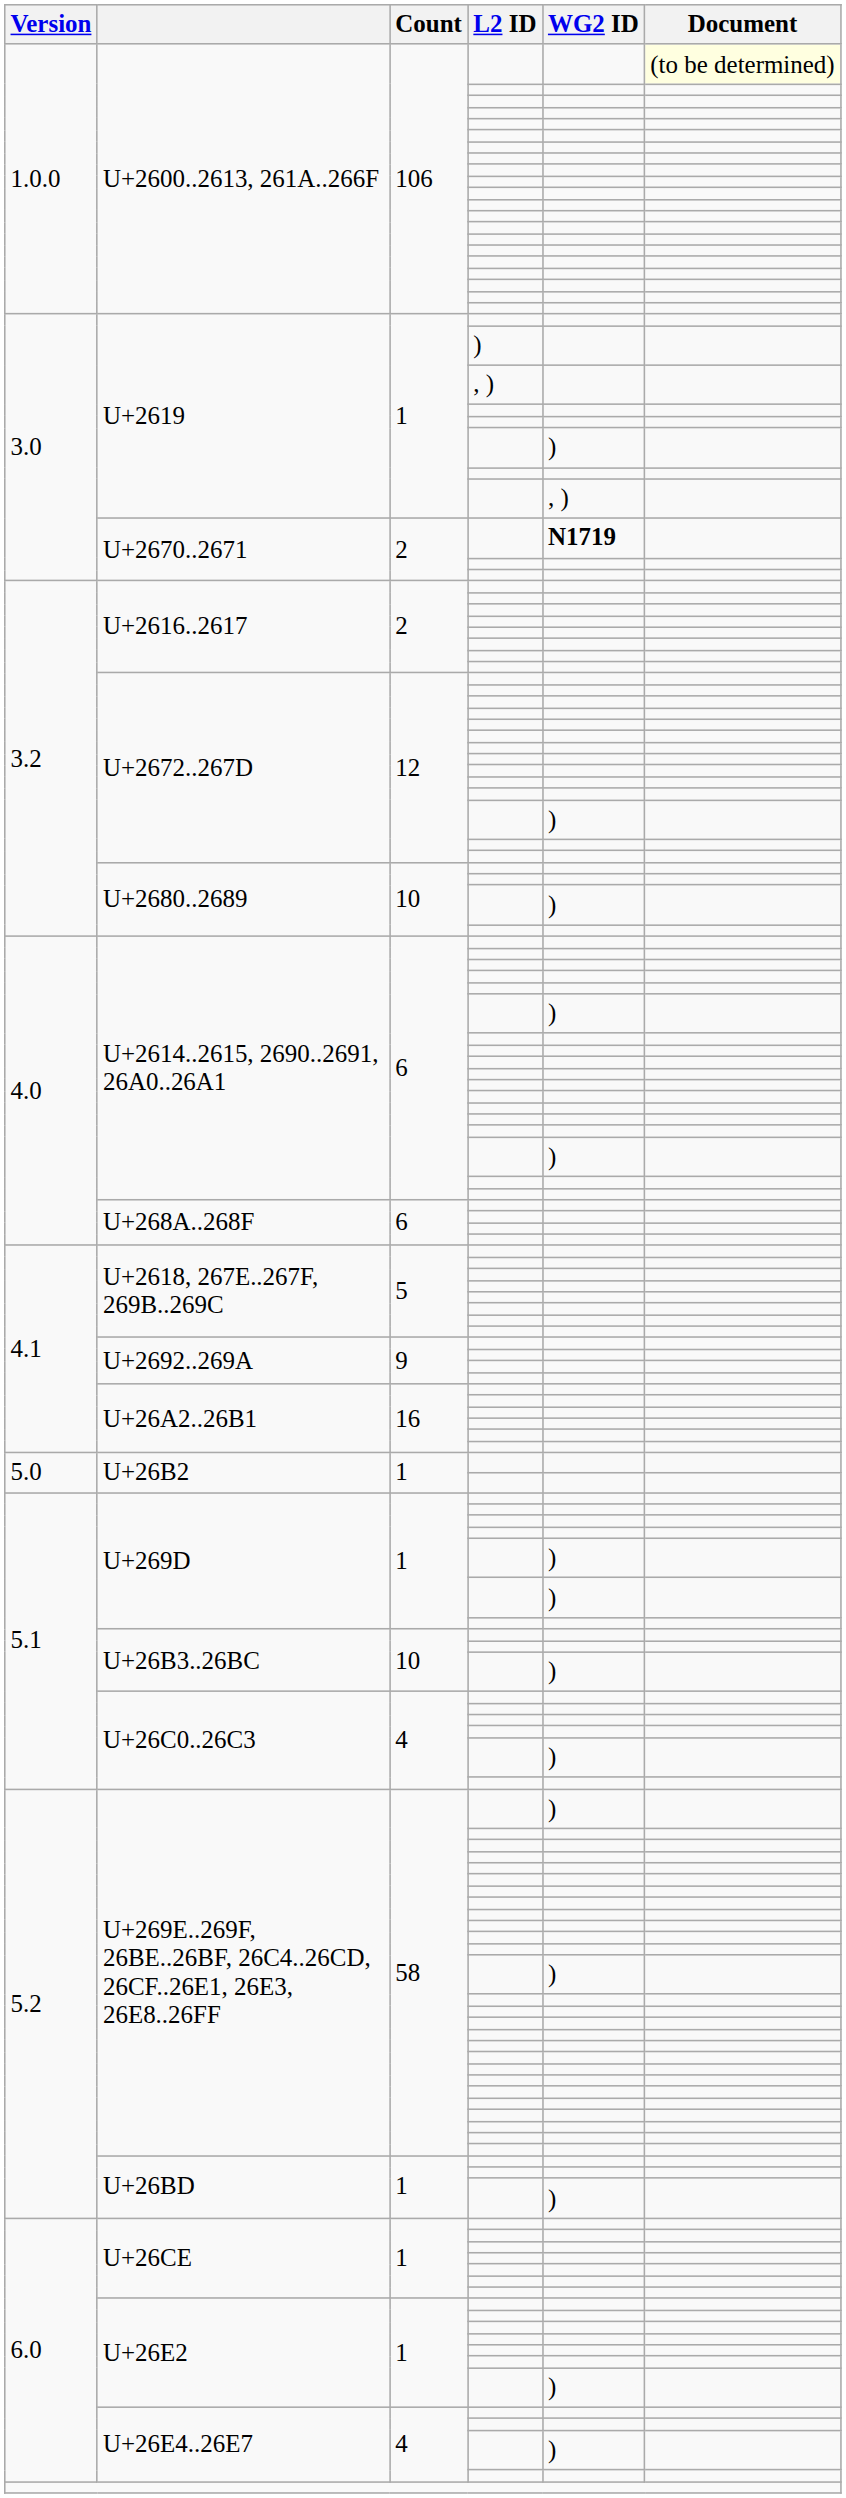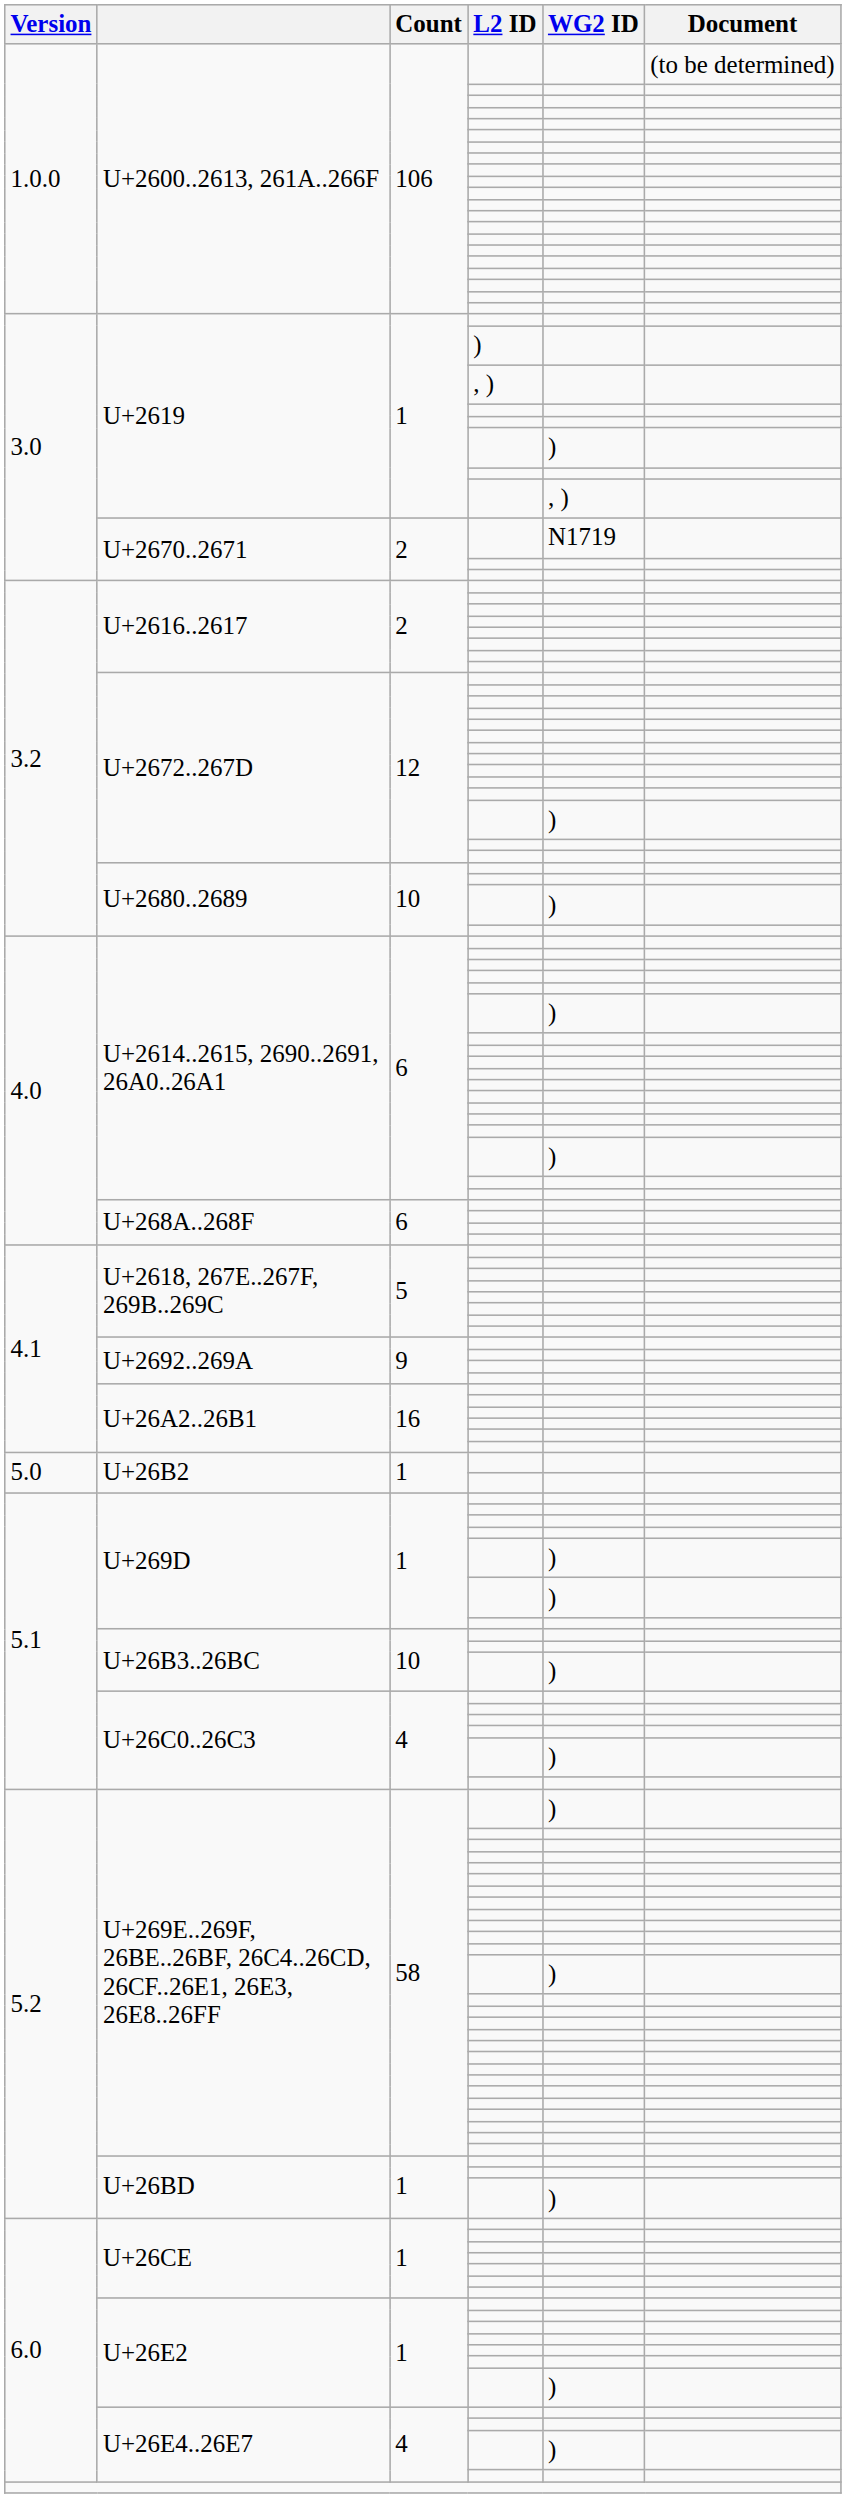 <table class="wikitable collapsible collapsed sticky-header">
 <tr>
 <th><a href='#'>Version</a></th>
 <th></th>
 <th>Count</th>
 <th><a href='#'>L2</a> ID</th>
 <th><a href='#'>WG2</a> ID</th>
 <th>Document</th>
 </tr>
 <tr>
 <td rowspan="21">1.0.0</td>
 <td rowspan="21" width="180">U+2600..2613, 261A..266F</td>
 <td rowspan="21">106</td>
 <td></td>
 <td></td>
-<td style="background: lightyellow;">(to be determined)</td>
+<td>(to be determined)</td>
 </tr>
 <tr>
 <td></td>
 <td></td>
 <td></td>
 </tr>
 <tr>
 <td></td>
 <td></td>
 <td></td>
 </tr>
 <tr>
 <td></td>
 <td></td>
 <td></td>
 </tr>
 <tr>
 <td></td>
 <td></td>
 <td></td>
 </tr>
 <tr>
 <td></td>
 <td></td>
 <td></td>
 </tr>
 <tr>
 <td></td>
 <td></td>
 <td></td>
 </tr>
 <tr>
 <td></td>
 <td></td>
 <td></td>
 </tr>
 <tr>
 <td></td>
 <td></td>
 <td></td>
 </tr>
 <tr>
 <td></td>
 <td></td>
 <td></td>
 </tr>
 <tr>
 <td></td>
 <td></td>
 <td></td>
 </tr>
 <tr>
 <td></td>
 <td></td>
 <td></td>
 </tr>
 <tr>
 <td></td>
 <td></td>
 <td></td>
 </tr>
 <tr>
 <td></td>
 <td></td>
 <td></td>
 </tr>
 <tr>
 <td></td>
 <td></td>
 <td></td>
 </tr>
 <tr>
 <td></td>
 <td></td>
 <td></td>
 </tr>
 <tr>
 <td></td>
 <td></td>
 <td></td>
 </tr>
 <tr>
 <td></td>
 <td></td>
 <td></td>
 </tr>
 <tr>
 <td></td>
 <td></td>
 <td></td>
 </tr>
 <tr>
 <td></td>
 <td></td>
 <td></td>
 </tr>
 <tr>
 <td></td>
 <td></td>
 <td></td>
 </tr>
 <tr>
 <td rowspan="11">3.0</td>
 <td rowspan="8">U+2619</td>
 <td rowspan="8">1</td>
 <td></td>
 <td></td>
 <td></td>
 </tr>
 <tr>
 <td> )</td>
 <td></td>
 <td></td>
 </tr>
 <tr>
 <td> , )</td>
 <td></td>
 <td></td>
 </tr>
 <tr>
 <td></td>
 <td></td>
 <td></td>
 </tr>
 <tr>
 <td></td>
 <td></td>
 <td></td>
 </tr>
 <tr>
 <td></td>
 <td> )</td>
 <td></td>
 </tr>
 <tr>
 <td></td>
 <td></td>
 <td></td>
 </tr>
 <tr>
 <td></td>
 <td> , )</td>
 <td></td>
 </tr>
 <tr>
 <td rowspan="3">U+2670..2671</td>
 <td rowspan="3">2</td>
 <td></td>
-<td><strong>N1719</strong></td>
+<td>N1719</td>
 <td></td>
 </tr>
 <tr>
 <td></td>
 <td></td>
 <td></td>
 </tr>
 <tr>
 <td></td>
 <td></td>
 <td></td>
 </tr>
 <tr>
 <td rowspan="26">3.2</td>
 <td rowspan="8">U+2616..2617</td>
 <td rowspan="8">2</td>
 <td></td>
 <td></td>
 <td></td>
 </tr>
 <tr>
 <td></td>
 <td></td>
 <td></td>
 </tr>
 <tr>
 <td></td>
 <td></td>
 <td></td>
 </tr>
 <tr>
 <td></td>
 <td></td>
 <td></td>
 </tr>
 <tr>
 <td></td>
 <td></td>
 <td></td>
 </tr>
 <tr>
 <td></td>
 <td></td>
 <td></td>
 </tr>
 <tr>
 <td></td>
 <td></td>
 <td></td>
 </tr>
 <tr>
 <td></td>
 <td></td>
 <td></td>
 </tr>
 <tr>
 <td rowspan="14">U+2672..267D</td>
 <td rowspan="14">12</td>
 <td></td>
 <td></td>
 <td></td>
 </tr>
 <tr>
 <td></td>
 <td></td>
 <td></td>
 </tr>
 <tr>
 <td></td>
 <td></td>
 <td></td>
 </tr>
 <tr>
 <td></td>
 <td></td>
 <td></td>
 </tr>
 <tr>
 <td></td>
 <td></td>
 <td></td>
 </tr>
 <tr>
 <td></td>
 <td></td>
 <td></td>
 </tr>
 <tr>
 <td></td>
 <td></td>
 <td></td>
 </tr>
 <tr>
 <td></td>
 <td></td>
 <td></td>
 </tr>
 <tr>
 <td></td>
 <td></td>
 <td></td>
 </tr>
 <tr>
 <td></td>
 <td></td>
 <td></td>
 </tr>
 <tr>
 <td></td>
 <td></td>
 <td></td>
 </tr>
 <tr>
 <td></td>
 <td> )</td>
 <td></td>
 </tr>
 <tr>
 <td></td>
 <td></td>
 <td></td>
 </tr>
 <tr>
 <td></td>
 <td></td>
 <td></td>
 </tr>
 <tr>
 <td rowspan="4">U+2680..2689</td>
 <td rowspan="4">10</td>
 <td></td>
 <td></td>
 <td></td>
 </tr>
 <tr>
 <td></td>
 <td></td>
 <td></td>
 </tr>
 <tr>
 <td></td>
 <td> )</td>
 <td></td>
 </tr>
 <tr>
 <td></td>
 <td></td>
 <td></td>
 </tr>
 <tr>
 <td rowspan="22">4.0</td>
 <td rowspan="18">U+2614..2615, 2690..2691, 26A0..26A1</td>
 <td rowspan="18">6</td>
 <td></td>
 <td></td>
 <td></td>
 </tr>
 <tr>
 <td></td>
 <td></td>
 <td></td>
 </tr>
 <tr>
 <td></td>
 <td></td>
 <td></td>
 </tr>
 <tr>
 <td></td>
 <td></td>
 <td></td>
 </tr>
 <tr>
 <td></td>
 <td></td>
 <td></td>
 </tr>
 <tr>
 <td></td>
 <td> )</td>
 <td></td>
 </tr>
 <tr>
 <td></td>
 <td></td>
 <td></td>
 </tr>
 <tr>
 <td></td>
 <td></td>
 <td></td>
 </tr>
 <tr>
 <td></td>
 <td></td>
 <td></td>
 </tr>
 <tr>
 <td></td>
 <td></td>
 <td></td>
 </tr>
 <tr>
 <td></td>
 <td></td>
 <td></td>
 </tr>
 <tr>
 <td></td>
 <td></td>
 <td></td>
 </tr>
 <tr>
 <td></td>
 <td></td>
 <td></td>
 </tr>
 <tr>
 <td></td>
 <td></td>
 <td></td>
 </tr>
 <tr>
 <td></td>
 <td></td>
 <td></td>
 </tr>
 <tr>
 <td></td>
 <td> )</td>
 <td></td>
 </tr>
 <tr>
 <td></td>
 <td></td>
 <td></td>
 </tr>
 <tr>
 <td></td>
 <td></td>
 <td></td>
 </tr>
 <tr>
 <td rowspan="4">U+268A..268F</td>
 <td rowspan="4">6</td>
 <td></td>
 <td></td>
 <td></td>
 </tr>
 <tr>
 <td></td>
 <td></td>
 <td></td>
 </tr>
 <tr>
 <td></td>
 <td></td>
 <td></td>
 </tr>
 <tr>
 <td></td>
 <td></td>
 <td></td>
 </tr>
 <tr>
 <td rowspan="18">4.1</td>
 <td rowspan="8">U+2618, 267E..267F, 269B..269C</td>
 <td rowspan="8">5</td>
 <td></td>
 <td></td>
 <td></td>
 </tr>
 <tr>
 <td></td>
 <td></td>
 <td></td>
 </tr>
 <tr>
 <td></td>
 <td></td>
 <td></td>
 </tr>
 <tr>
 <td></td>
 <td></td>
 <td></td>
 </tr>
 <tr>
 <td></td>
 <td></td>
 <td></td>
 </tr>
 <tr>
 <td></td>
 <td></td>
 <td></td>
 </tr>
 <tr>
 <td></td>
 <td></td>
 <td></td>
 </tr>
 <tr>
 <td></td>
 <td></td>
 <td></td>
 </tr>
 <tr>
 <td rowspan="4">U+2692..269A</td>
 <td rowspan="4">9</td>
 <td></td>
 <td></td>
 <td></td>
 </tr>
 <tr>
 <td></td>
 <td></td>
 <td></td>
 </tr>
 <tr>
 <td></td>
 <td></td>
 <td></td>
 </tr>
 <tr>
 <td></td>
 <td></td>
 <td></td>
 </tr>
 <tr>
 <td rowspan="6">U+26A2..26B1</td>
 <td rowspan="6">16</td>
 <td></td>
 <td></td>
 <td></td>
 </tr>
 <tr>
 <td></td>
 <td></td>
 <td></td>
 </tr>
 <tr>
 <td></td>
 <td></td>
 <td></td>
 </tr>
 <tr>
 <td></td>
 <td></td>
 <td></td>
 </tr>
 <tr>
 <td></td>
 <td></td>
 <td></td>
 </tr>
 <tr>
 <td></td>
 <td></td>
 <td></td>
 </tr>
 <tr>
 <td rowspan="2">5.0</td>
 <td rowspan="2">U+26B2</td>
 <td rowspan="2">1</td>
 <td></td>
 <td></td>
 <td></td>
 </tr>
 <tr>
 <td></td>
 <td></td>
 <td></td>
 </tr>
 <tr>
 <td rowspan="16">5.1</td>
 <td rowspan="7">U+269D</td>
 <td rowspan="7">1</td>
 <td></td>
 <td></td>
 <td></td>
 </tr>
 <tr>
 <td></td>
 <td></td>
 <td></td>
 </tr>
 <tr>
 <td></td>
 <td> </td>
 <td></td>
 </tr>
 <tr>
 <td></td>
 <td></td>
 <td></td>
 </tr>
 <tr>
 <td></td>
 <td> )</td>
 <td></td>
 </tr>
 <tr>
 <td></td>
 <td> )</td>
 <td></td>
 </tr>
 <tr>
 <td></td>
 <td></td>
 <td></td>
 </tr>
 <tr>
 <td rowspan="3">U+26B3..26BC</td>
 <td rowspan="3">10</td>
 <td></td>
 <td></td>
 <td></td>
 </tr>
 <tr>
 <td></td>
 <td></td>
 <td></td>
 </tr>
 <tr>
 <td></td>
 <td> )</td>
 <td></td>
 </tr>
 <tr>
 <td rowspan="6">U+26C0..26C3</td>
 <td rowspan="6">4</td>
 <td></td>
 <td></td>
 <td></td>
 </tr>
 <tr>
 <td></td>
 <td></td>
 <td></td>
 </tr>
 <tr>
 <td></td>
 <td></td>
 <td></td>
 </tr>
 <tr>
 <td></td>
 <td></td>
 <td></td>
 </tr>
 <tr>
 <td></td>
 <td> )</td>
 <td></td>
 </tr>
 <tr>
 <td></td>
 <td></td>
 <td></td>
 </tr>
 <tr>
 <td rowspan="30">5.2</td>
 <td rowspan="27">U+269E..269F, 26BE..26BF, 26C4..26CD, 26CF..26E1, 26E3, 26E8..26FF</td>
 <td rowspan="27">58</td>
 <td></td>
 <td> )</td>
 <td></td>
 </tr>
 <tr>
 <td></td>
 <td></td>
 <td></td>
 </tr>
 <tr>
 <td></td>
 <td></td>
 <td></td>
 </tr>
 <tr>
 <td></td>
 <td></td>
 <td></td>
 </tr>
 <tr>
 <td></td>
 <td></td>
 <td></td>
 </tr>
 <tr>
 <td></td>
 <td></td>
 <td></td>
 </tr>
 <tr>
 <td></td>
 <td></td>
 <td></td>
 </tr>
 <tr>
 <td></td>
 <td></td>
 <td></td>
 </tr>
 <tr>
 <td></td>
 <td></td>
 <td></td>
 </tr>
 <tr>
 <td></td>
 <td></td>
 <td></td>
 </tr>
 <tr>
 <td></td>
 <td></td>
 <td></td>
 </tr>
 <tr>
 <td></td>
 <td></td>
 <td></td>
 </tr>
 <tr>
 <td></td>
 <td> )</td>
 <td></td>
 </tr>
 <tr>
 <td></td>
 <td></td>
 <td></td>
 </tr>
 <tr>
 <td></td>
 <td></td>
 <td></td>
 </tr>
 <tr>
 <td></td>
 <td></td>
 <td></td>
 </tr>
 <tr>
 <td></td>
 <td></td>
 <td></td>
 </tr>
 <tr>
 <td></td>
 <td></td>
 <td></td>
 </tr>
 <tr>
 <td></td>
 <td></td>
 <td></td>
 </tr>
 <tr>
 <td></td>
 <td></td>
 <td></td>
 </tr>
 <tr>
 <td></td>
 <td></td>
 <td></td>
 </tr>
 <tr>
 <td></td>
 <td></td>
 <td></td>
 </tr>
 <tr>
 <td></td>
 <td></td>
 <td></td>
 </tr>
 <tr>
 <td></td>
 <td></td>
 <td></td>
 </tr>
 <tr>
 <td></td>
 <td></td>
 <td></td>
 </tr>
 <tr>
 <td></td>
 <td></td>
 <td></td>
 </tr>
 <tr>
 <td></td>
 <td></td>
 <td></td>
 </tr>
 <tr>
 <td rowspan="3">U+26BD</td>
 <td rowspan="3">1</td>
 <td></td>
 <td></td>
 <td></td>
 </tr>
 <tr>
 <td></td>
 <td></td>
 <td></td>
 </tr>
 <tr>
 <td></td>
 <td> )</td>
 <td></td>
 </tr>
 <tr>
 <td rowspan="18">6.0</td>
 <td rowspan="7">U+26CE</td>
 <td rowspan="7">1</td>
 <td></td>
 <td></td>
 <td></td>
 </tr>
 <tr>
 <td></td>
 <td></td>
 <td></td>
 </tr>
 <tr>
 <td></td>
 <td></td>
 <td></td>
 </tr>
 <tr>
 <td></td>
 <td></td>
 <td></td>
 </tr>
 <tr>
 <td></td>
 <td></td>
 <td></td>
 </tr>
 <tr>
 <td></td>
 <td></td>
 <td></td>
 </tr>
 <tr>
 <td></td>
 <td></td>
 <td></td>
 </tr>
 <tr>
 <td rowspan="7">U+26E2</td>
 <td rowspan="7">1</td>
 <td></td>
 <td></td>
 <td></td>
 </tr>
 <tr>
 <td></td>
 <td></td>
 <td></td>
 </tr>
 <tr>
 <td></td>
 <td></td>
 <td></td>
 </tr>
 <tr>
 <td></td>
 <td></td>
 <td></td>
 </tr>
 <tr>
 <td></td>
 <td></td>
 <td></td>
 </tr>
 <tr>
 <td></td>
 <td></td>
 <td></td>
 </tr>
 <tr>
 <td></td>
 <td> )</td>
 <td></td>
 </tr>
 <tr>
 <td rowspan="4">U+26E4..26E7</td>
 <td rowspan="4">4</td>
 <td></td>
 <td></td>
 <td></td>
 </tr>
 <tr>
 <td></td>
 <td></td>
 <td></td>
 </tr>
 <tr>
 <td></td>
 <td> )</td>
 <td></td>
 </tr>
 <tr>
 <td></td>
 <td></td>
 <td></td>
 </tr>
 <tr class="sortbottom">
 <td colspan="6"></td>
 </tr>
 </table>
